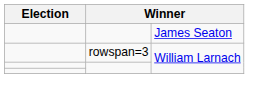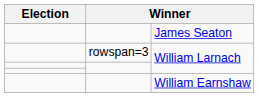 <table class=wikitable>
 <tr>
 <th width=100>Election</th>
 <th width=175 colspan=2>Winner</th>
 </tr>
 <tr>
 <td></td>
 <td></td>
 <td><a href='#'>James Seaton</a></td>
 </tr>
 <tr>
 <td></td>
 <td>rowspan=3 </td>
 <td rowspan=3><a href='#'>William Larnach</a></td>
 </tr>
 <tr>
 <td></td>
 </tr>
 <tr>
 <td></td>
 </tr>
+<tr>
+<td></td>
+<td></td>
+<td><a href='#'>William Earnshaw</a></td>
+</tr>
 </table>
